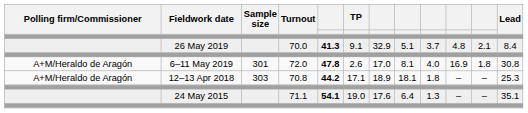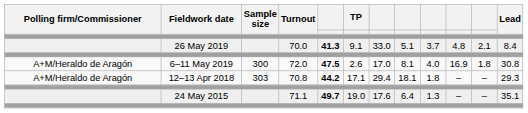 <table class="wikitable collapsible collapsed" style="text-align:center; font-size:95%; line-height:16px;">
 <tr style="height:42px;">
 <th style="width:250px;" rowspan="2">Polling firm/Commissioner</th>
 <th style="width:125px;" rowspan="2">Fieldwork date</th>
 <th style="width:50px;" rowspan="2">Sample size</th>
 <th style="width:45px;" rowspan="2">Turnout</th>
 <th style="width:35px;"></th>
 <th style="width:35px;">TP</th>
 <th style="width:35px;"></th>
 <th style="width:35px;"></th>
 <th style="width:35px;"></th>
 <th style="width:35px;"></th>
 <th style="width:35px;"></th>
 <th style="width:30px;" rowspan="2">Lead</th>
 </tr>
 <tr>
 <th style="color:inherit;background:"></th>
 <th style="color:inherit;background:"></th>
 <th style="color:inherit;background:"></th>
 <th style="color:inherit;background:"></th>
 <th style="color:inherit;background:"></th>
 <th style="color:inherit;background:"></th>
 <th style="color:inherit;background:"></th>
 </tr>
 <tr>
 <td colspan="12" style="background:#A0A0A0"></td>
 </tr>
 <tr style="background:#EFEFEF;">
 <td><strong></strong></td>
 <td>26 May 2019</td>
 <td></td>
 <td>70.0</td>
 <td><strong>41.3</strong><br></td>
 <td>9.1<br></td>
-<td>32.9<br></td>
+<td>33.0<br></td>
 <td>5.1<br></td>
 <td>3.7<br></td>
 <td>4.8<br></td>
 <td>2.1<br></td>
 <td style="background:">8.4</td>
 </tr>
 <tr>
 <td colspan="12" style="background:#A0A0A0"></td>
 </tr>
 <tr>
 <td>A+M/Heraldo de Aragón</td>
 <td>6–11 May 2019</td>
-<td>301</td>
+<td>300</td>
 <td>72.0</td>
-<td><strong>47.8</strong><br></td>
+<td><strong>47.5</strong><br></td>
 <td>2.6<br></td>
 <td>17.0<br></td>
 <td>8.1<br></td>
 <td>4.0<br></td>
 <td>16.9<br></td>
 <td>1.8<br></td>
 <td style="background:">30.8</td>
 </tr>
 <tr>
 <td>A+M/Heraldo de Aragón</td>
 <td>12–13 Apr 2018</td>
 <td>303</td>
 <td>70.8</td>
 <td><strong>44.2</strong><br></td>
 <td>17.1<br></td>
-<td>18.9<br></td>
+<td>29.4<br></td>
 <td>18.1<br></td>
 <td>1.8<br></td>
 <td>–</td>
 <td>–</td>
-<td style="background:">25.3</td>
+<td style="background:">29.3</td>
 </tr>
 <tr>
 <td colspan="12" style="background:#A0A0A0"></td>
 </tr>
 <tr style="background:#EFEFEF;">
 <td><strong></strong></td>
 <td>24 May 2015</td>
 <td></td>
 <td>71.1</td>
-<td><strong>54.1</strong><br></td>
+<td><strong>49.7</strong><br></td>
 <td>19.0<br></td>
 <td>17.6<br></td>
 <td>6.4<br></td>
 <td>1.3<br></td>
 <td>–</td>
 <td>–</td>
 <td style="background:">35.1</td>
 </tr>
 <tr>
 <td colspan="12" style="background:#A0A0A0"></td>
 </tr>
 </table>
